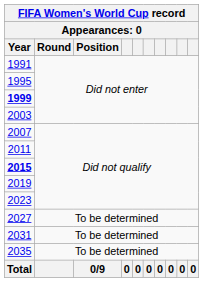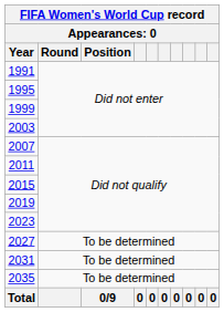 <table class="wikitable" style="text-align: center;font-size:90%;">
 <tr>
 <th colspan=10><a href='#'>FIFA Women's World Cup</a> record</th>
 </tr>
 <tr>
 <th colspan=10>Appearances: 0</th>
 </tr>
 <tr>
 <th>Year</th>
 <th>Round</th>
 <th>Position</th>
 <th></th>
 <th></th>
 <th></th>
 <th></th>
 <th></th>
 <th></th>
 <th></th>
 </tr>
 <tr>
 <td> <a href='#'>1991</a></td>
 <td rowspan=4 colspan=9><em>Did not enter</em></td>
 </tr>
 <tr>
 <td> <a href='#'>1995</a></td>
 </tr>
 <tr>
-<td><strong> <a href='#'>1999</a></strong></td>
+<td> <a href='#'>1999</a></td>
 </tr>
 <tr>
 <td> <a href='#'>2003</a></td>
 </tr>
 <tr>
 <td> <a href='#'>2007</a></td>
 <td colspan=9 rowspan=5><em>Did not qualify</em></td>
 </tr>
 <tr>
 <td> <a href='#'>2011</a></td>
 </tr>
 <tr>
-<td><strong> <a href='#'>2015</a></strong></td>
+<td> <a href='#'>2015</a></td>
 </tr>
 <tr>
 <td> <a href='#'>2019</a></td>
 </tr>
 <tr>
 <td> <a href='#'>2023</a></td>
 </tr>
 <tr>
 <td> <a href='#'>2027</a></td>
 <td colspan=9 rowspan=1>To be determined</td>
 </tr>
 <tr>
 <td> <a href='#'>2031</a></td>
 <td colspan=9 rowspan=1>To be determined</td>
 </tr>
 <tr>
 <td> <a href='#'>2035</a></td>
 <td colspan=9 rowspan=1>To be determined</td>
 </tr>
 <tr>
 <th>Total</th>
 <th></th>
 <th>0/9</th>
 <th>0</th>
 <th>0</th>
 <th>0</th>
 <th>0</th>
 <th>0</th>
 <th>0</th>
 <th>0</th>
 </tr>
 </table>
